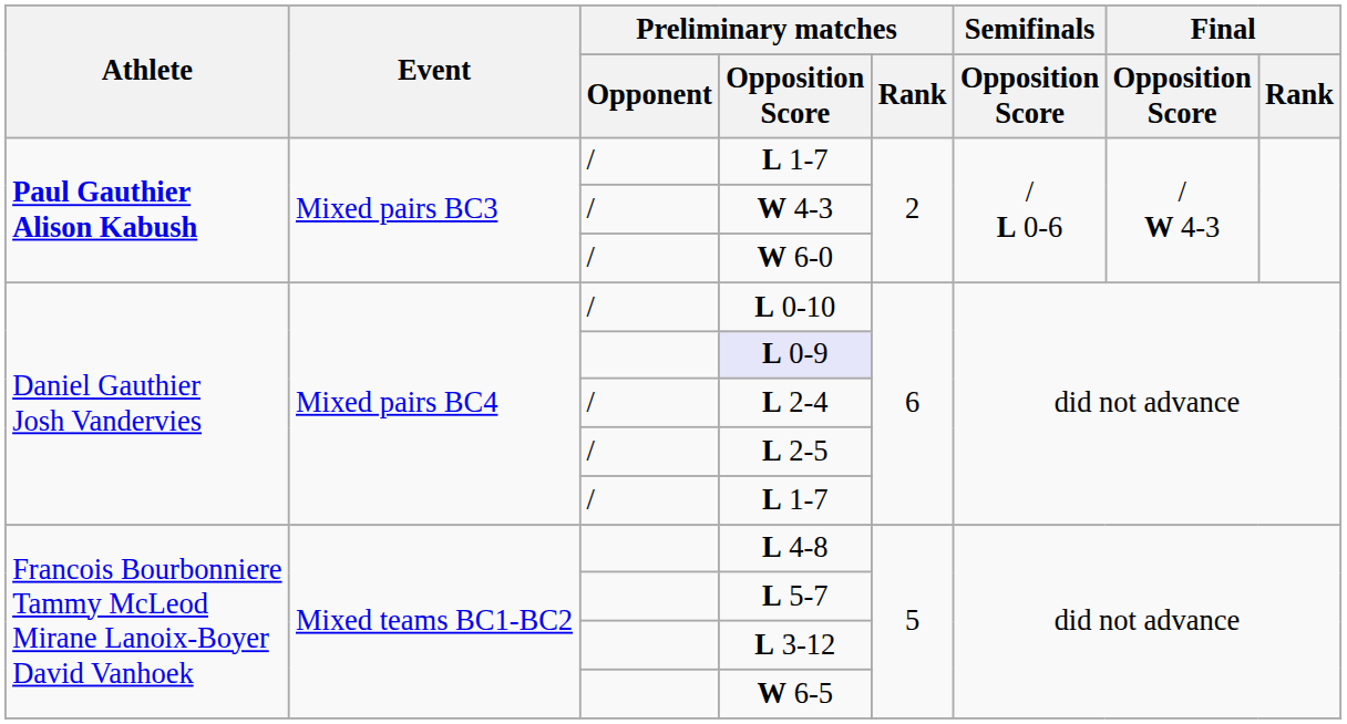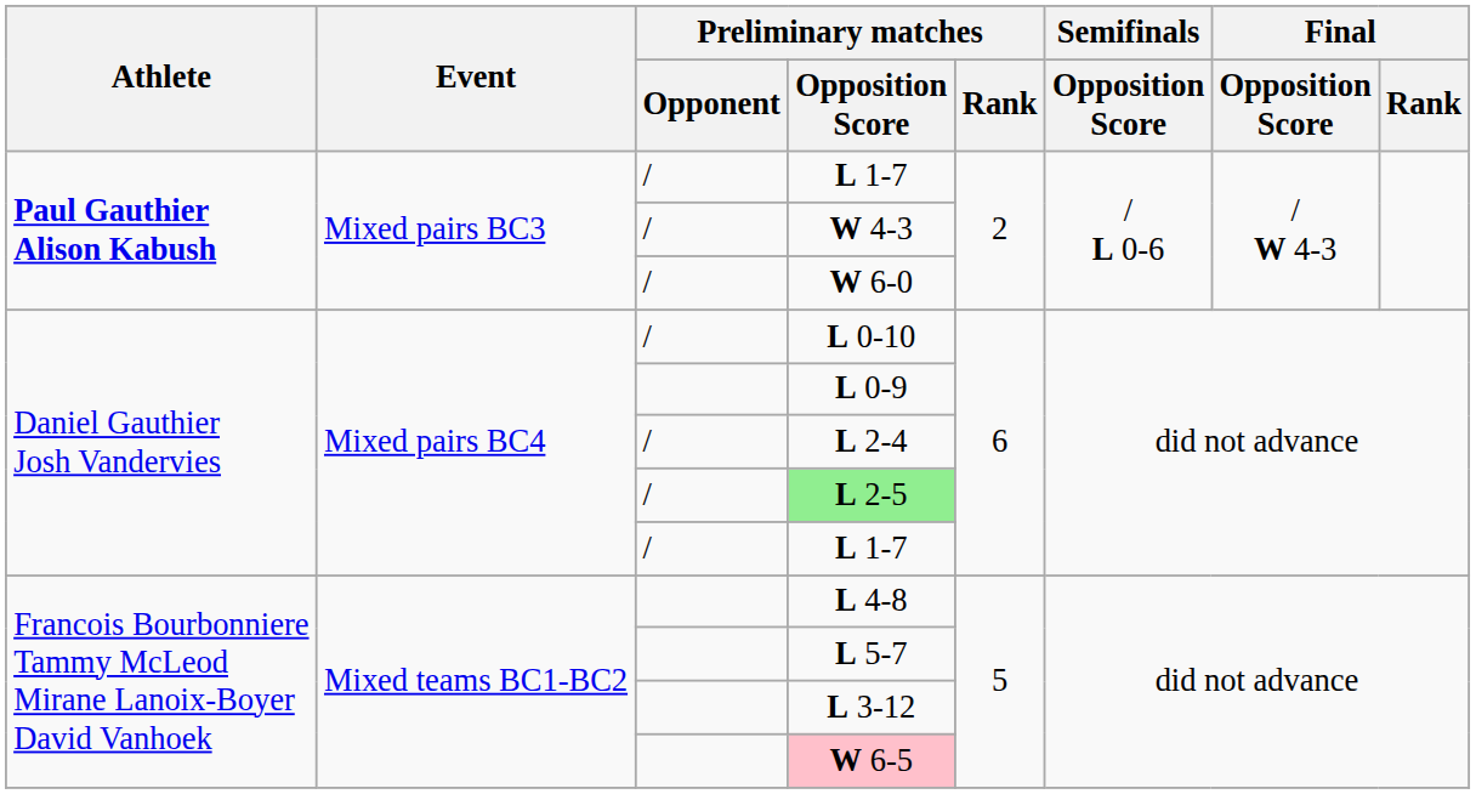 <table class=wikitable style="font-size:90%">
 <tr>
 <th rowspan="2">Athlete</th>
 <th rowspan="2">Event</th>
 <th colspan="3">Preliminary matches</th>
 <th>Semifinals</th>
 <th colspan="3">Final</th>
 </tr>
 <tr>
 <th>Opponent</th>
 <th>Opposition<br>Score</th>
 <th>Rank</th>
 <th>Opposition<br>Score</th>
 <th>Opposition<br>Score</th>
 <th>Rank</th>
 </tr>
 <tr>
 <td rowspan="3"><strong><a href='#'>Paul Gauthier</a></strong><br> <strong><a href='#'>Alison Kabush</a></strong></td>
 <td rowspan="3"><a href='#'>Mixed pairs BC3</a></td>
 <td align="left"> / </td>
 <td align="center"><strong>L</strong> 1-7</td>
 <td rowspan="3" align="center">2</td>
 <td align="center" rowspan="3"> / <br><strong>L</strong> 0-6</td>
 <td align="center" rowspan="3"> / <br><strong>W</strong> 4-3</td>
 <td align="center" rowspan="3"></td>
 </tr>
 <tr>
 <td align="left"> / </td>
 <td align="center"><strong>W</strong> 4-3</td>
 </tr>
 <tr>
 <td align="left"> / </td>
 <td align="center"><strong>W</strong> 6-0</td>
 </tr>
 <tr>
 <td rowspan="5"><a href='#'>Daniel Gauthier</a><br> <a href='#'>Josh Vandervies</a></td>
 <td rowspan="5"><a href='#'>Mixed pairs BC4</a></td>
 <td align="left"> / </td>
 <td align="center"><strong>L</strong> 0-10</td>
 <td rowspan="5" align="center">6</td>
 <td align="center" rowspan="5" colspan="3">did not advance</td>
 </tr>
 <tr>
 <td align="left"><br> </td>
-<td align="center" style="background: lavender;"><strong>L</strong> 0-9</td>
+<td align="center"><strong>L</strong> 0-9</td>
 </tr>
 <tr>
 <td align="left"> / </td>
 <td align="center"><strong>L</strong> 2-4</td>
 </tr>
 <tr>
 <td align="left"> / </td>
-<td align="center"><strong>L</strong> 2-5</td>
+<td align="center" style="background: lightgreen;"><strong>L</strong> 2-5</td>
 </tr>
 <tr>
 <td align="left"> / </td>
 <td align="center"><strong>L</strong> 1-7</td>
 </tr>
 <tr>
 <td rowspan="5"><a href='#'>Francois Bourbonniere</a><br> <a href='#'>Tammy McLeod</a><br> <a href='#'>Mirane Lanoix-Boyer</a><br> <a href='#'>David Vanhoek</a></td>
 <td rowspan="5"><a href='#'>Mixed teams BC1-BC2</a></td>
 <td align="left"></td>
 <td align="center"><strong>L</strong> 4-8</td>
 <td rowspan="5" align="center">5</td>
 <td align="center" rowspan="5" colspan="3">did not advance</td>
 </tr>
 <tr>
 <td align="left"></td>
 <td align="center"><strong>L</strong> 5-7</td>
 </tr>
 <tr>
 <td align="left"></td>
 <td align="center"><strong>L</strong> 3-12</td>
 </tr>
 <tr>
 <td align="left"></td>
-<td align="center"><strong>W</strong> 6-5</td>
+<td align="center" style="background: pink;"><strong>W</strong> 6-5</td>
 </tr>
 </table>
